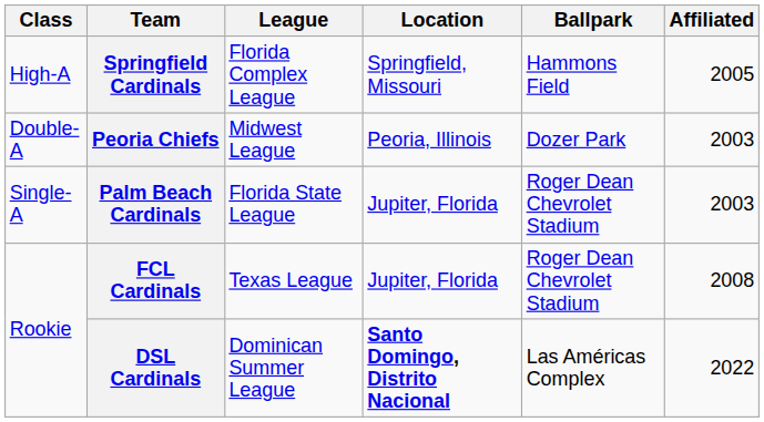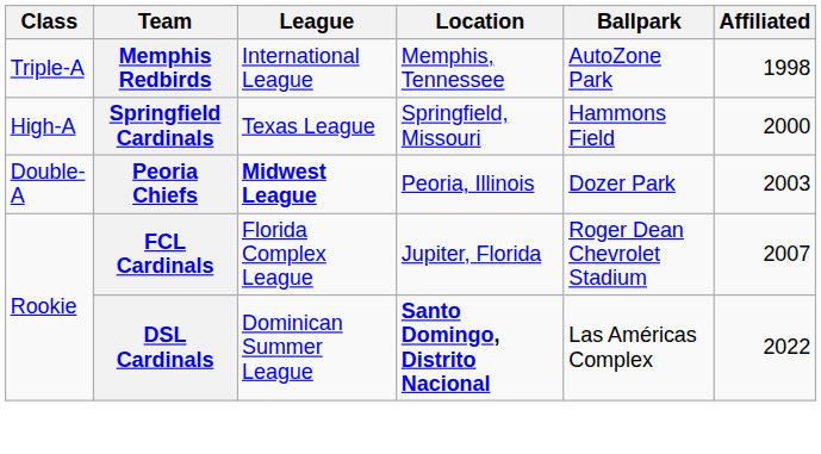 <table class="wikitable plainrowheaders sortable">
 <tr>
 <th scope="col">Class</th>
 <th scope="col">Team</th>
 <th scope="col">League</th>
 <th scope="col">Location</th>
 <th scope="col">Ballpark</th>
 <th scope="col">Affiliated</th>
 </tr>
 <tr>
+<td><a href='#'>Triple-A</a></td>
+<th scope="row"><a href='#'>Memphis Redbirds</a></th>
+<td><a href='#'>International League</a></td>
+<td><a href='#'>Memphis, Tennessee</a></td>
+<td><a href='#'>AutoZone Park</a></td>
+<td align="right">1998</td>
+</tr>
+<tr>
 <td><a href='#'>High-A</a></td>
 <th scope="row"><a href='#'>Springfield Cardinals</a></th>
-<td><a href='#'>Florida Complex League</a></td>
+<td><a href='#'>Texas League</a></td>
 <td><a href='#'>Springfield, Missouri</a></td>
 <td><a href='#'>Hammons Field</a></td>
-<td align="right">2005</td>
+<td align="right">2000</td>
 </tr>
 <tr>
 <td><a href='#'>Double-A</a></td>
 <th scope="row"><a href='#'>Peoria Chiefs</a></th>
-<td><a href='#'>Midwest League</a></td>
+<td><strong><a href='#'>Midwest League</a></strong></td>
 <td><a href='#'>Peoria, Illinois</a></td>
 <td><a href='#'>Dozer Park</a></td>
 <td align="right">2003</td>
 </tr>
 <tr>
-<td><a href='#'>Single-A</a></td>
-<th scope="row"><a href='#'>Palm Beach Cardinals</a></th>
-<td><a href='#'>Florida State League</a></td>
+<td rowspan=2><a href='#'>Rookie</a></td>
+<th scope="row"><a href='#'>FCL Cardinals</a></th>
+<td><a href='#'>Florida Complex League</a></td>
 <td><a href='#'>Jupiter, Florida</a></td>
 <td><a href='#'>Roger Dean Chevrolet Stadium</a></td>
-<td align="right">2003</td>
-</tr>
-<tr>
-<td rowspan=2><a href='#'>Rookie</a></td>
-<th scope="row"><a href='#'>FCL Cardinals</a></th>
-<td><a href='#'>Texas League</a></td>
-<td><a href='#'>Jupiter, Florida</a></td>
-<td><a href='#'>Roger Dean Chevrolet Stadium</a></td>
-<td align="right">2008</td>
+<td align="right">2007</td>
 </tr>
 <tr>
 <th scope="row"><a href='#'>DSL Cardinals</a></th>
 <td><a href='#'>Dominican Summer League</a></td>
 <td><strong><a href='#'>Santo Domingo</a>, <a href='#'>Distrito Nacional</a></strong></td>
 <td>Las Américas Complex</td>
 <td align="right">2022</td>
 </tr>
 </table>
